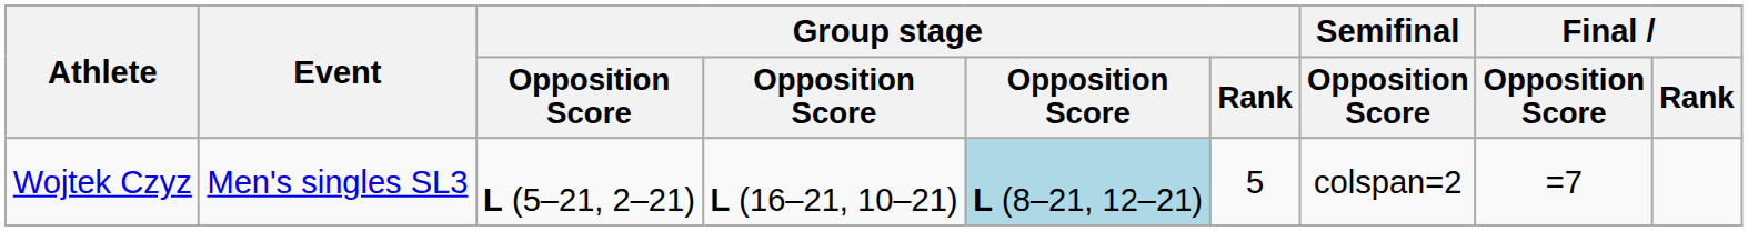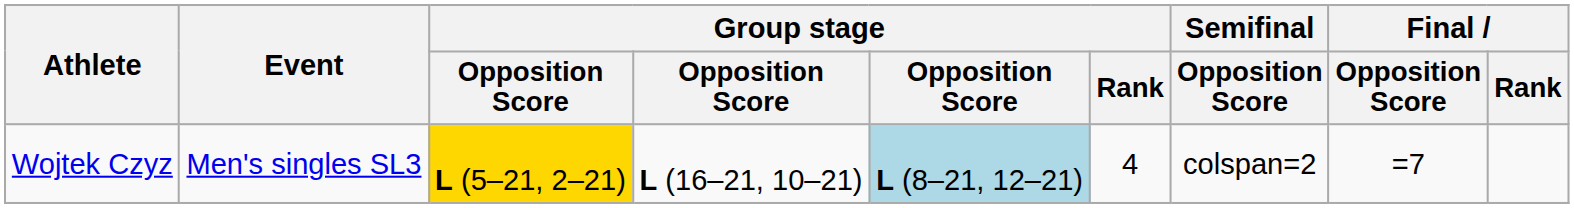 <table class="wikitable" style="font-size:90%; text-align:center">
 <tr>
 <th rowspan=2>Athlete</th>
 <th rowspan=2>Event</th>
 <th colspan=4>Group stage</th>
 <th>Semifinal</th>
 <th colspan=2>Final / </th>
 </tr>
 <tr style="font-size:95%">
 <th>Opposition<br>Score</th>
 <th>Opposition<br>Score</th>
 <th>Opposition<br>Score</th>
 <th>Rank</th>
 <th>Opposition<br>Score</th>
 <th>Opposition<br>Score</th>
 <th>Rank</th>
 </tr>
 <tr>
 <td align=left><a href='#'>Wojtek Czyz</a></td>
 <td align=left><a href='#'>Men's singles SL3</a></td>
-<td><br><strong>L</strong> (5–21, 2–21)</td>
+<td style="background: gold;"><br><strong>L</strong> (5–21, 2–21)</td>
 <td><br><strong>L</strong> (16–21, 10–21)</td>
 <td style="background: lightblue;"><br><strong>L</strong> (8–21, 12–21)</td>
-<td>5</td>
+<td>4</td>
 <td>colspan=2 </td>
 <td>=7</td>
 </tr>
 </table>
